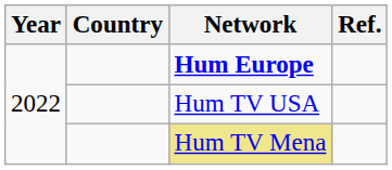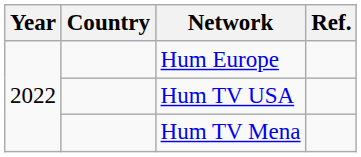 <table class="wikitable">
 <tr>
 <th>Year</th>
 <th>Country</th>
 <th>Network</th>
 <th>Ref.</th>
 </tr>
 <tr>
 <td rowspan="4">2022</td>
 <td></td>
-<td><strong><a href='#'>Hum Europe</a></strong></td>
+<td><a href='#'>Hum Europe</a></td>
 <td></td>
 </tr>
 <tr>
 <td></td>
 <td><a href='#'>Hum TV USA</a></td>
 <td></td>
 </tr>
 <tr>
 <td></td>
-<td style="background: khaki;"><a href='#'>Hum TV Mena</a></td>
+<td><a href='#'>Hum TV Mena</a></td>
 <td></td>
 </tr>
 </table>
